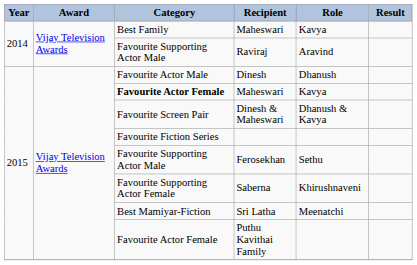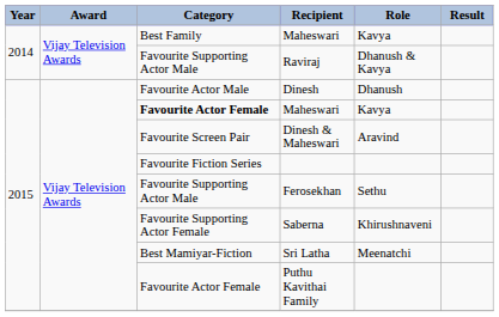 <table class="wikitable" width="70%">
 <tr bgcolor="blue">
 <th style="width:25pt; background:LightSteelBlue;">Year</th>
 <th style="width:80pt; background:LightSteelBlue;">Award</th>
 <th style="width:120pt; background:LightSteelBlue;">Category</th>
 <th style="width:60pt; background:LightSteelBlue;">Recipient</th>
 <th style="width:60pt; background:LightSteelBlue;">Role</th>
 <th style="width:40pt; background:LightSteelBlue;">Result</th>
 </tr>
 <tr>
 <td rowspan="2">2014</td>
 <td rowspan="2"><a href='#'>Vijay Television Awards</a></td>
 <td>Best Family</td>
 <td>Maheswari</td>
 <td>Kavya</td>
 <td></td>
 </tr>
 <tr>
 <td>Favourite Supporting Actor Male</td>
 <td>Raviraj</td>
-<td>Aravind</td>
+<td>Dhanush & Kavya</td>
 <td></td>
 </tr>
 <tr>
 <td rowspan="8">2015</td>
 <td rowspan="8"><a href='#'>Vijay Television Awards</a></td>
 <td>Favourite Actor Male</td>
 <td>Dinesh</td>
 <td>Dhanush</td>
 <td></td>
 </tr>
 <tr>
 <td><strong>Favourite Actor Female</strong></td>
 <td>Maheswari</td>
 <td>Kavya</td>
 <td></td>
 </tr>
 <tr>
 <td>Favourite Screen Pair</td>
 <td>Dinesh & Maheswari</td>
-<td>Dhanush & Kavya</td>
+<td>Aravind</td>
 <td></td>
 </tr>
 <tr>
 <td>Favourite Fiction Series</td>
 <td></td>
 <td></td>
 <td></td>
 </tr>
 <tr>
 <td>Favourite Supporting Actor Male</td>
 <td>Ferosekhan</td>
 <td>Sethu</td>
 <td></td>
 </tr>
 <tr>
 <td>Favourite Supporting Actor Female</td>
 <td>Saberna</td>
 <td>Khirushnaveni</td>
 <td></td>
 </tr>
 <tr>
 <td>Best Mamiyar-Fiction</td>
 <td>Sri Latha</td>
 <td>Meenatchi</td>
 <td></td>
 </tr>
 <tr>
 <td>Favourite Actor Female</td>
 <td>Puthu Kavithai Family</td>
 <td></td>
 <td></td>
 </tr>
 <tr>
 </tr>
 </table>
